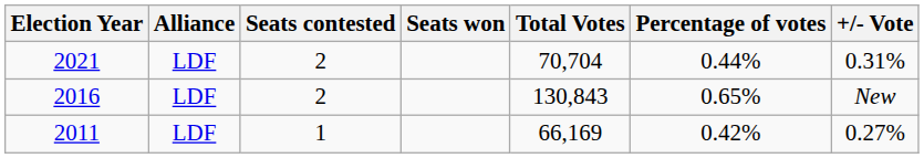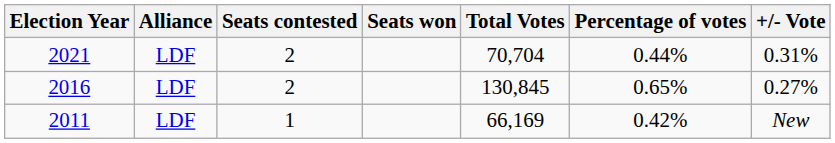 <table class="wikitable" style="text-align:center">
 <tr>
 <th Style="background-color:">Election Year</th>
 <th Style="background-color:">Alliance</th>
 <th Style="background-color:">Seats contested</th>
 <th Style="background-color:">Seats won</th>
 <th Style="background-color:">Total Votes</th>
 <th Style="background-color:">Percentage of votes</th>
 <th Style="background-color:">+/- Vote</th>
 </tr>
 <tr>
 <td><a href='#'>2021</a></td>
 <td><a href='#'>LDF</a></td>
 <td>2</td>
 <td></td>
 <td>70,704</td>
 <td>0.44%</td>
 <td> 0.31%</td>
 </tr>
 <tr>
 <td><a href='#'>2016</a></td>
 <td><a href='#'>LDF</a></td>
 <td>2</td>
 <td></td>
-<td>130,843</td>
+<td>130,845</td>
 <td>0.65%</td>
-<td><em>New</em></td>
+<td> 0.27%</td>
 </tr>
 <tr>
 <td><a href='#'>2011</a></td>
 <td><a href='#'>LDF</a></td>
 <td>1</td>
 <td></td>
 <td>66,169</td>
 <td>0.42%</td>
-<td> 0.27%</td>
+<td><em>New</em></td>
 </tr>
 </table>
